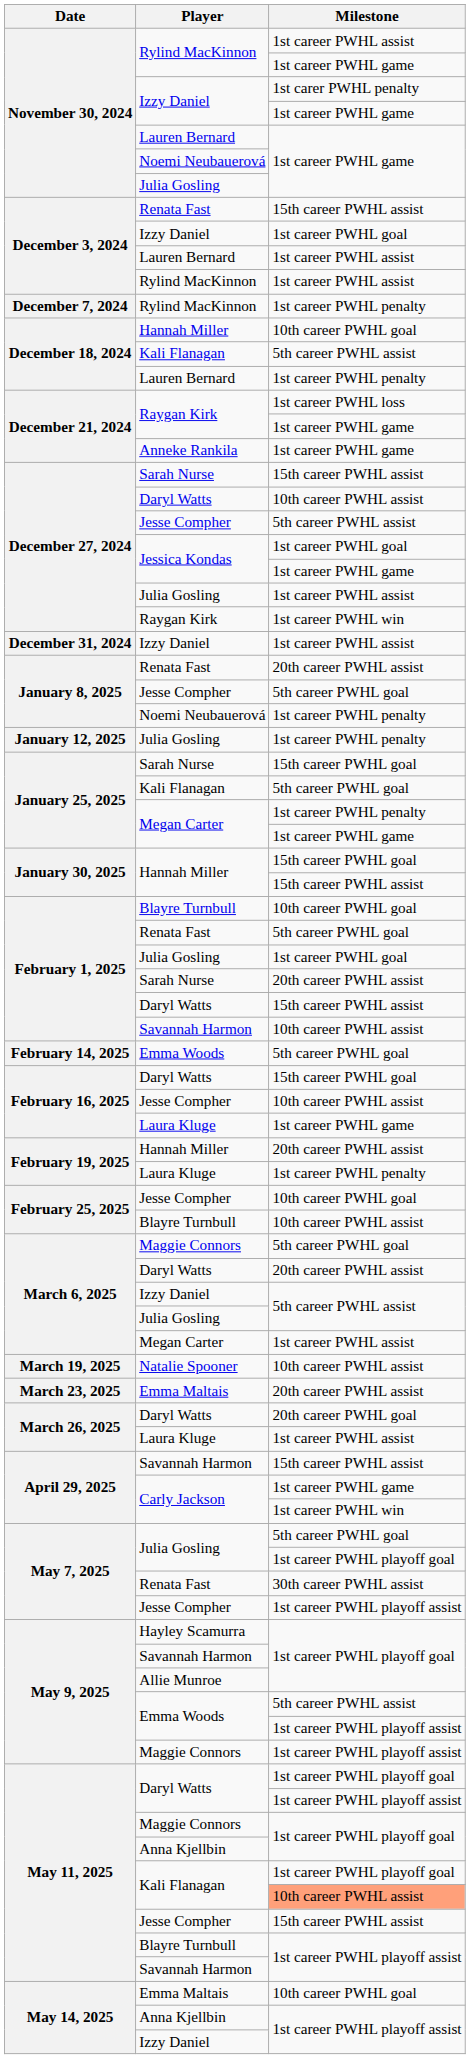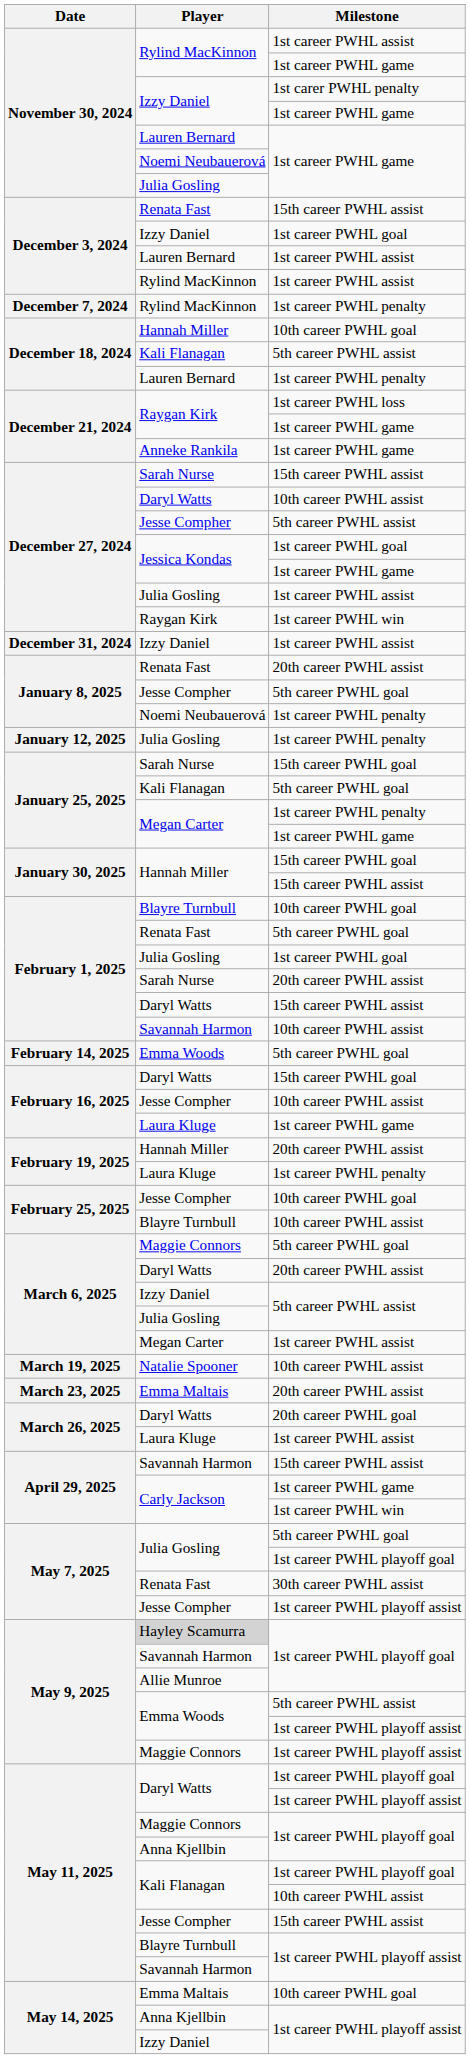 <table class="wikitable">
 <tr>
 <th scope="col">Date</th>
 <th scope="col">Player</th>
 <th scope="col">Milestone</th>
 </tr>
 <tr>
 <th scope="rowgroup" rowspan="7">November 30, 2024</th>
 <td rowspan="2"><a href='#'>Rylind MacKinnon</a></td>
 <td>1st career PWHL assist</td>
 </tr>
 <tr>
 <td>1st career PWHL game</td>
 </tr>
 <tr>
 <td rowspan="2"><a href='#'>Izzy Daniel</a></td>
 <td>1st carer PWHL penalty</td>
 </tr>
 <tr>
 <td>1st career PWHL game</td>
 </tr>
 <tr>
 <td><a href='#'>Lauren Bernard</a></td>
 <td rowspan="3">1st career PWHL game</td>
 </tr>
 <tr>
 <td><a href='#'>Noemi Neubauerová</a></td>
 </tr>
 <tr>
 <td><a href='#'>Julia Gosling</a></td>
 </tr>
 <tr>
 <th scope="rowgroup" rowspan="4">December 3, 2024</th>
 <td><a href='#'>Renata Fast</a></td>
 <td>15th career PWHL assist</td>
 </tr>
 <tr>
 <td>Izzy Daniel</td>
 <td>1st career PWHL goal</td>
 </tr>
 <tr>
 <td>Lauren Bernard</td>
 <td>1st career PWHL assist</td>
 </tr>
 <tr>
 <td>Rylind MacKinnon</td>
 <td>1st career PWHL assist</td>
 </tr>
 <tr>
 <th scope="row">December 7, 2024</th>
 <td>Rylind MacKinnon</td>
 <td>1st career PWHL penalty</td>
 </tr>
 <tr>
 <th scope="rowgroup" rowspan="3">December 18, 2024</th>
 <td><a href='#'>Hannah Miller</a></td>
 <td>10th career PWHL goal</td>
 </tr>
 <tr>
 <td><a href='#'>Kali Flanagan</a></td>
 <td>5th career PWHL assist</td>
 </tr>
 <tr>
 <td>Lauren Bernard</td>
 <td>1st career PWHL penalty</td>
 </tr>
 <tr>
 <th scope="rowgroup" rowspan="3">December 21, 2024</th>
 <td rowspan="2"><a href='#'>Raygan Kirk</a></td>
 <td>1st career PWHL loss</td>
 </tr>
 <tr>
 <td>1st career PWHL game</td>
 </tr>
 <tr>
 <td><a href='#'>Anneke Rankila</a></td>
 <td>1st career PWHL game</td>
 </tr>
 <tr>
 <th scope="rowgroup" rowspan="7">December 27, 2024</th>
 <td><a href='#'>Sarah Nurse</a></td>
 <td>15th career PWHL assist</td>
 </tr>
 <tr>
 <td><a href='#'>Daryl Watts</a></td>
 <td>10th career PWHL assist</td>
 </tr>
 <tr>
 <td><a href='#'>Jesse Compher</a></td>
 <td>5th career PWHL assist</td>
 </tr>
 <tr>
 <td rowspan="2"><a href='#'>Jessica Kondas</a></td>
 <td>1st career PWHL goal</td>
 </tr>
 <tr>
 <td>1st career PWHL game</td>
 </tr>
 <tr>
 <td>Julia Gosling</td>
 <td>1st career PWHL assist</td>
 </tr>
 <tr>
 <td>Raygan Kirk</td>
 <td>1st career PWHL win</td>
 </tr>
 <tr>
 <th scope="rowgroup" rowspan="1">December 31, 2024</th>
 <td>Izzy Daniel</td>
 <td>1st career PWHL assist</td>
 </tr>
 <tr>
 <th scope="rowgroup" rowspan="3">January 8, 2025</th>
 <td>Renata Fast</td>
 <td>20th career PWHL assist</td>
 </tr>
 <tr>
 <td>Jesse Compher</td>
 <td>5th career PWHL goal</td>
 </tr>
 <tr>
 <td>Noemi Neubauerová</td>
 <td>1st career PWHL penalty</td>
 </tr>
 <tr>
 <th scope="rowgroup" rowspan="1">January 12, 2025</th>
 <td>Julia Gosling</td>
 <td>1st career PWHL penalty</td>
 </tr>
 <tr>
 <th scope="rowgroup" rowspan="4">January 25, 2025</th>
 <td>Sarah Nurse</td>
 <td>15th career PWHL goal</td>
 </tr>
 <tr>
 <td>Kali Flanagan</td>
 <td>5th career PWHL goal</td>
 </tr>
 <tr>
 <td rowspan="2"><a href='#'>Megan Carter</a></td>
 <td>1st career PWHL penalty</td>
 </tr>
 <tr>
 <td>1st career PWHL game</td>
 </tr>
 <tr>
 <th scope="rowgroup" rowspan="2">January 30, 2025</th>
 <td rowspan="2">Hannah Miller</td>
 <td>15th career PWHL goal</td>
 </tr>
 <tr>
 <td>15th career PWHL assist</td>
 </tr>
 <tr>
 <th scope="rowgroup" rowspan="6">February 1, 2025</th>
 <td><a href='#'>Blayre Turnbull</a></td>
 <td>10th career PWHL goal</td>
 </tr>
 <tr>
 <td>Renata Fast</td>
 <td>5th career PWHL goal</td>
 </tr>
 <tr>
 <td>Julia Gosling</td>
 <td>1st career PWHL goal</td>
 </tr>
 <tr>
 <td>Sarah Nurse</td>
 <td>20th career PWHL assist</td>
 </tr>
 <tr>
 <td>Daryl Watts</td>
 <td>15th career PWHL assist</td>
 </tr>
 <tr>
 <td><a href='#'>Savannah Harmon</a></td>
 <td>10th career PWHL assist</td>
 </tr>
 <tr>
 <th scope="rowgroup" rowspan="1">February 14, 2025</th>
 <td><a href='#'>Emma Woods</a></td>
 <td>5th career PWHL goal</td>
 </tr>
 <tr>
 <th scope="rowgroup" rowspan="3">February 16, 2025</th>
 <td>Daryl Watts</td>
 <td>15th career PWHL goal</td>
 </tr>
 <tr>
 <td>Jesse Compher</td>
 <td>10th career PWHL assist</td>
 </tr>
 <tr>
 <td><a href='#'>Laura Kluge</a></td>
 <td>1st career PWHL game</td>
 </tr>
 <tr>
 <th scope="rowgroup" rowspan="2">February 19, 2025</th>
 <td>Hannah Miller</td>
 <td>20th career PWHL assist</td>
 </tr>
 <tr>
 <td>Laura Kluge</td>
 <td>1st career PWHL penalty</td>
 </tr>
 <tr>
 <th scope="rowgroup" rowspan="2">February 25, 2025</th>
 <td>Jesse Compher</td>
 <td>10th career PWHL goal</td>
 </tr>
 <tr>
 <td>Blayre Turnbull</td>
 <td>10th career PWHL assist</td>
 </tr>
 <tr>
 <th scope="rowgroup" rowspan="5">March 6, 2025</th>
 <td><a href='#'>Maggie Connors</a></td>
 <td>5th career PWHL goal</td>
 </tr>
 <tr>
 <td>Daryl Watts</td>
 <td>20th career PWHL assist</td>
 </tr>
 <tr>
 <td>Izzy Daniel</td>
 <td rowspan="2">5th career PWHL assist</td>
 </tr>
 <tr>
 <td>Julia Gosling</td>
 </tr>
 <tr>
 <td>Megan Carter</td>
 <td>1st career PWHL assist</td>
 </tr>
 <tr>
 <th scope="rowgroup" rowspan="1">March 19, 2025</th>
 <td><a href='#'>Natalie Spooner</a></td>
 <td>10th career PWHL assist</td>
 </tr>
 <tr>
 <th scope="rowgroup" rowspan="1">March 23, 2025</th>
 <td><a href='#'>Emma Maltais</a></td>
 <td>20th career PWHL assist</td>
 </tr>
 <tr>
 <th scope="rowgroup" rowspan="2">March 26, 2025</th>
 <td>Daryl Watts</td>
 <td>20th career PWHL goal</td>
 </tr>
 <tr>
 <td>Laura Kluge</td>
 <td>1st career PWHL assist</td>
 </tr>
 <tr>
 <th scope="rowgroup" rowspan="3">April 29, 2025</th>
 <td>Savannah Harmon</td>
 <td>15th career PWHL assist</td>
 </tr>
 <tr>
 <td rowspan="2"><a href='#'>Carly Jackson</a></td>
 <td>1st career PWHL game</td>
 </tr>
 <tr>
 <td>1st career PWHL win</td>
 </tr>
 <tr>
 <th scope="rowgroup" rowspan="4">May 7, 2025</th>
 <td rowspan="2">Julia Gosling</td>
 <td>5th career PWHL goal</td>
 </tr>
 <tr>
 <td>1st career PWHL playoff goal</td>
 </tr>
 <tr>
 <td>Renata Fast</td>
 <td>30th career PWHL assist</td>
 </tr>
 <tr>
 <td>Jesse Compher</td>
 <td>1st career PWHL playoff assist</td>
 </tr>
 <tr>
 <th scope="rowgroup" rowspan="6">May 9, 2025</th>
-<td>Hayley Scamurra</td>
+<td style="background: lightgrey;">Hayley Scamurra</td>
 <td rowspan="3">1st career PWHL playoff goal</td>
 </tr>
 <tr>
 <td>Savannah Harmon</td>
 </tr>
 <tr>
 <td>Allie Munroe</td>
 </tr>
 <tr>
 <td rowspan="2">Emma Woods</td>
 <td>5th career PWHL assist</td>
 </tr>
 <tr>
 <td>1st career PWHL playoff assist</td>
 </tr>
 <tr>
 <td>Maggie Connors</td>
 <td>1st career PWHL playoff assist</td>
 </tr>
 <tr>
 <th scope="rowgroup" rowspan="9">May 11, 2025</th>
 <td rowspan="2">Daryl Watts</td>
 <td>1st career PWHL playoff goal</td>
 </tr>
 <tr>
 <td>1st career PWHL playoff assist</td>
 </tr>
 <tr>
 <td>Maggie Connors</td>
 <td rowspan="2">1st career PWHL playoff goal</td>
 </tr>
 <tr>
 <td>Anna Kjellbin</td>
 </tr>
 <tr>
 <td rowspan="2">Kali Flanagan</td>
 <td>1st career PWHL playoff goal</td>
 </tr>
 <tr>
-<td style="background: lightsalmon;">10th career PWHL assist</td>
+<td>10th career PWHL assist</td>
 </tr>
 <tr>
 <td>Jesse Compher</td>
 <td>15th career PWHL assist</td>
 </tr>
 <tr>
 <td>Blayre Turnbull</td>
 <td rowspan="2">1st career PWHL playoff assist</td>
 </tr>
 <tr>
 <td>Savannah Harmon</td>
 </tr>
 <tr>
 <th scope="rowgroup" rowspan="3">May 14, 2025</th>
 <td>Emma Maltais</td>
 <td>10th career PWHL goal</td>
 </tr>
 <tr>
 <td>Anna Kjellbin</td>
 <td rowspan="2">1st career PWHL playoff assist</td>
 </tr>
 <tr>
 <td>Izzy Daniel</td>
 </tr>
 </table>
